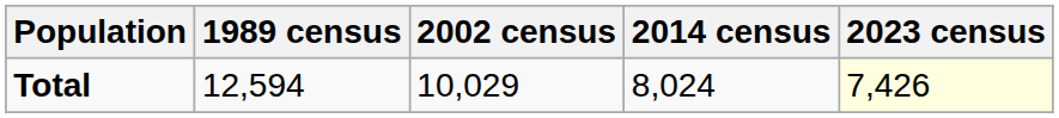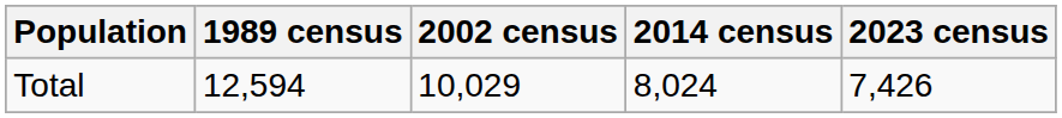 <table class="wikitable">
 <tr>
 <th>Population</th>
 <th>1989 census</th>
 <th>2002 census</th>
 <th>2014 census</th>
 <th>2023 census</th>
 </tr>
 <tr>
-<td><strong>Total</strong></td>
+<td>Total</td>
 <td>12,594</td>
 <td>10,029</td>
 <td>8,024</td>
-<td style="background: lightyellow;">7,426</td>
+<td>7,426</td>
 </tr>
 </table>
